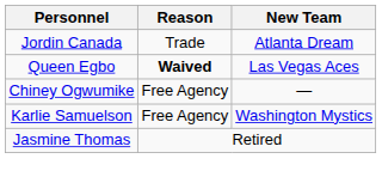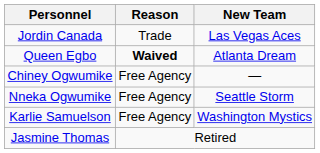 <table class="wikitable" style="text-align: center">
 <tr align="center"  bgcolor="#dddddd">
 <th><strong>Personnel</strong></th>
 <th><strong>Reason</strong></th>
 <th><strong>New Team</strong></th>
 </tr>
 <tr>
 <td><a href='#'>Jordin Canada</a></td>
 <td>Trade</td>
-<td><a href='#'>Atlanta Dream</a></td>
+<td><a href='#'>Las Vegas Aces</a></td>
 </tr>
 <tr>
 <td><a href='#'>Queen Egbo</a></td>
 <td><strong>Waived</strong></td>
-<td><a href='#'>Las Vegas Aces</a></td>
+<td><a href='#'>Atlanta Dream</a></td>
 </tr>
 <tr>
 <td><a href='#'>Chiney Ogwumike</a></td>
 <td>Free Agency</td>
 <td>—</td>
+</tr>
+<tr>
+<td><a href='#'>Nneka Ogwumike</a></td>
+<td>Free Agency</td>
+<td><a href='#'>Seattle Storm</a></td>
 </tr>
 <tr>
 <td><a href='#'>Karlie Samuelson</a></td>
 <td>Free Agency</td>
 <td><a href='#'>Washington Mystics</a></td>
 </tr>
 <tr>
 <td><a href='#'>Jasmine Thomas</a></td>
 <td colspan=2>Retired</td>
 </tr>
 </table>
